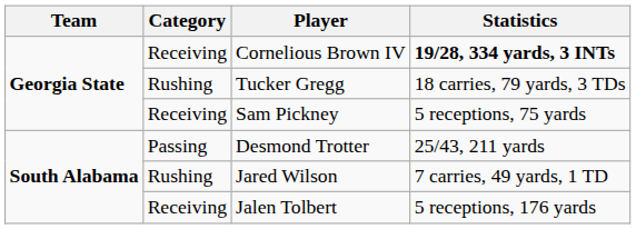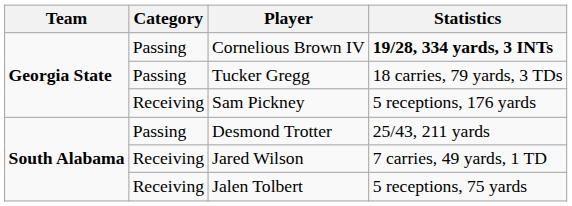 <table class="wikitable" style="float: left;">
 <tr>
 <th>Team</th>
 <th>Category</th>
 <th>Player</th>
 <th>Statistics</th>
 </tr>
 <tr>
 <td rowspan=3><strong>Georgia State</strong></td>
-<td>Receiving</td>
+<td>Passing</td>
 <td>Cornelious Brown IV</td>
 <td><strong>19/28, 334 yards, 3 INTs</strong></td>
 </tr>
 <tr>
-<td>Rushing</td>
+<td>Passing</td>
 <td>Tucker Gregg</td>
 <td>18 carries, 79 yards, 3 TDs</td>
 </tr>
 <tr>
 <td>Receiving</td>
 <td>Sam Pickney</td>
-<td>5 receptions, 75 yards</td>
+<td>5 receptions, 176 yards</td>
 </tr>
 <tr>
 <td rowspan=3><strong>South Alabama</strong></td>
 <td>Passing</td>
 <td>Desmond Trotter</td>
 <td>25/43, 211 yards</td>
 </tr>
 <tr>
-<td>Rushing</td>
+<td>Receiving</td>
 <td>Jared Wilson</td>
 <td>7 carries, 49 yards, 1 TD</td>
 </tr>
 <tr>
 <td>Receiving</td>
 <td>Jalen Tolbert</td>
-<td>5 receptions, 176 yards</td>
+<td>5 receptions, 75 yards</td>
 </tr>
 </table>
